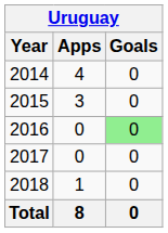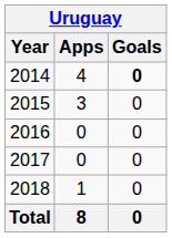 <table class="wikitable" style="text-align:center">
 <tr>
 <th colspan=3><a href='#'>Uruguay</a></th>
 </tr>
 <tr>
 <th>Year</th>
 <th>Apps</th>
 <th>Goals</th>
 </tr>
 <tr>
 <td>2014</td>
 <td>4</td>
-<td>0</td>
+<td><strong>0</strong></td>
 </tr>
 <tr>
 <td>2015</td>
 <td>3</td>
 <td>0</td>
 </tr>
 <tr>
 <td>2016</td>
 <td>0</td>
-<td style="background: lightgreen;">0</td>
+<td>0</td>
 </tr>
 <tr>
 <td>2017</td>
 <td>0</td>
 <td>0</td>
 </tr>
 <tr>
 <td>2018</td>
 <td>1</td>
 <td>0</td>
 </tr>
 <tr>
 <th>Total</th>
 <th>8</th>
 <th>0</th>
 </tr>
 </table>
